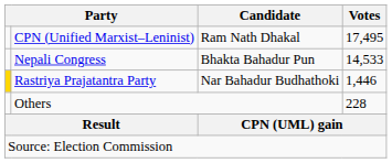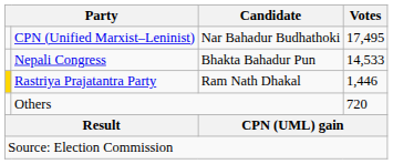 <table class="wikitable">
 <tr>
 <th colspan="2">Party</th>
 <th>Candidate</th>
 <th>Votes</th>
 </tr>
 <tr>
 <td style="background-color:"></td>
 <td><a href='#'>CPN (Unified Marxist–Leninist)</a></td>
-<td>Ram Nath Dhakal</td>
+<td>Nar Bahadur Budhathoki</td>
 <td>17,495</td>
 </tr>
 <tr>
 <td style="background-color:"></td>
 <td><a href='#'>Nepali Congress</a></td>
 <td>Bhakta Bahadur Pun</td>
 <td>14,533</td>
 </tr>
 <tr>
 <td style="background-color:gold"></td>
 <td><a href='#'>Rastriya Prajatantra Party</a></td>
-<td>Nar Bahadur Budhathoki</td>
+<td>Ram Nath Dhakal</td>
 <td>1,446</td>
 </tr>
 <tr>
 <td></td>
 <td colspan="2">Others</td>
-<td>228</td>
+<td>720</td>
 </tr>
 <tr>
 <th colspan="2">Result</th>
 <th colspan="2">CPN (UML) gain</th>
 </tr>
 <tr>
 <td colspan="4">Source: Election Commission</td>
 </tr>
 </table>
